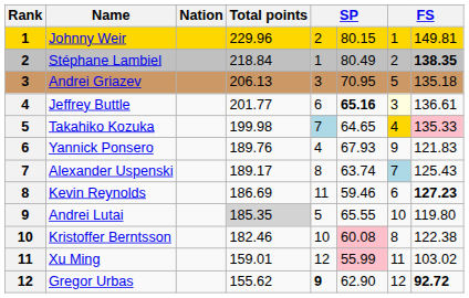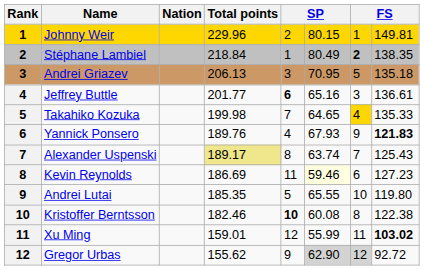 <table class="wikitable">
 <tr>
 <th>Rank</th>
 <th>Name</th>
 <th>Nation</th>
 <th>Total points</th>
 <th colspan="2" width="80px"><a href='#'>SP</a></th>
 <th colspan="2" width="80px"><a href='#'>FS</a></th>
 </tr>
 <tr bgcolor="gold">
 <td align="center"><strong>1</strong></td>
 <td><a href='#'>Johnny Weir</a></td>
 <td></td>
 <td>229.96</td>
 <td>2</td>
 <td>80.15</td>
 <td>1</td>
 <td>149.81</td>
 </tr>
 <tr bgcolor="silver">
 <td align="center"><strong>2</strong></td>
 <td><a href='#'>Stéphane Lambiel</a></td>
 <td></td>
 <td>218.84</td>
 <td>1</td>
 <td>80.49</td>
-<td>2</td>
-<td><strong>138.35</strong></td>
+<td><strong>2</strong></td>
+<td>138.35</td>
 </tr>
 <tr bgcolor="cc9966">
 <td align="center"><strong>3</strong></td>
 <td><a href='#'>Andrei Griazev</a></td>
 <td></td>
 <td>206.13</td>
 <td>3</td>
 <td>70.95</td>
 <td>5</td>
 <td>135.18</td>
 </tr>
 <tr>
 <th>4</th>
 <td><a href='#'>Jeffrey Buttle</a></td>
 <td></td>
 <td>201.77</td>
-<td>6</td>
-<td><strong>65.16</strong></td>
-<td style="background: lightyellow;">3</td>
+<td><strong>6</strong></td>
+<td>65.16</td>
+<td>3</td>
 <td>136.61</td>
 </tr>
 <tr>
 <th>5</th>
 <td><a href='#'>Takahiko Kozuka</a></td>
 <td></td>
 <td>199.98</td>
-<td style="background: lightblue;">7</td>
+<td>7</td>
 <td>64.65</td>
 <td style="background: gold;">4</td>
-<td style="background: pink;">135.33</td>
+<td>135.33</td>
 </tr>
 <tr>
 <th>6</th>
 <td><a href='#'>Yannick Ponsero</a></td>
 <td></td>
 <td>189.76</td>
 <td>4</td>
 <td>67.93</td>
 <td>9</td>
-<td>121.83</td>
+<td><strong>121.83</strong></td>
 </tr>
 <tr>
 <th>7</th>
 <td><a href='#'>Alexander Uspenski</a></td>
 <td></td>
-<td>189.17</td>
+<td style="background: khaki;">189.17</td>
 <td>8</td>
 <td>63.74</td>
-<td style="background: lightblue;">7</td>
+<td>7</td>
 <td>125.43</td>
 </tr>
 <tr>
 <th>8</th>
 <td><a href='#'>Kevin Reynolds</a></td>
 <td></td>
 <td>186.69</td>
 <td>11</td>
-<td>59.46</td>
+<td style="background: lightyellow;">59.46</td>
 <td>6</td>
-<td><strong>127.23</strong></td>
+<td>127.23</td>
 </tr>
 <tr>
 <th>9</th>
 <td><a href='#'>Andrei Lutai</a></td>
 <td></td>
-<td style="background: lightgrey;">185.35</td>
+<td>185.35</td>
 <td>5</td>
 <td>65.55</td>
 <td>10</td>
 <td>119.80</td>
 </tr>
 <tr>
 <th>10</th>
 <td><a href='#'>Kristoffer Berntsson</a></td>
 <td></td>
 <td>182.46</td>
-<td>10</td>
-<td style="background: pink;">60.08</td>
+<td><strong>10</strong></td>
+<td>60.08</td>
 <td>8</td>
 <td>122.38</td>
 </tr>
 <tr>
 <th>11</th>
 <td><a href='#'>Xu Ming</a></td>
 <td></td>
 <td>159.01</td>
 <td>12</td>
-<td style="background: pink;">55.99</td>
+<td>55.99</td>
 <td>11</td>
-<td>103.02</td>
+<td><strong>103.02</strong></td>
 </tr>
 <tr>
 <th>12</th>
 <td><a href='#'>Gregor Urbas</a></td>
 <td></td>
 <td>155.62</td>
-<td><strong>9</strong></td>
-<td>62.90</td>
-<td>12</td>
-<td><strong>92.72</strong></td>
+<td>9</td>
+<td style="background: lightgrey;">62.90</td>
+<td style="background: lightgrey;">12</td>
+<td>92.72</td>
 </tr>
 </table>
